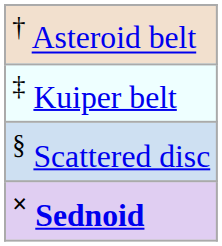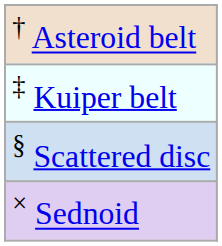 <table class="wikitable" border="1">
 <tr>
 <td bgcolor="#F2E0CE" style="text-align: left"><sup>†</sup> <a href='#'>Asteroid belt</a></td>
 </tr>
 <tr>
 <td bgcolor="#eeffff" style="text-align: left"><sup>‡</sup> <a href='#'>Kuiper belt</a></td>
 </tr>
 <tr>
 <td bgcolor="#CEE0F2" style="text-align: left"><sup>§</sup> <a href='#'>Scattered disc</a></td>
 </tr>
 <tr>
-<td bgcolor="#E0CEF2" style="text-align: left"><strong><sup>×</sup> <a href='#'>Sednoid</a></strong></td>
+<td bgcolor="#E0CEF2" style="text-align: left"><sup>×</sup> <a href='#'>Sednoid</a></td>
 </tr>
 </table>
